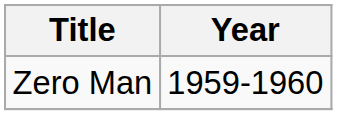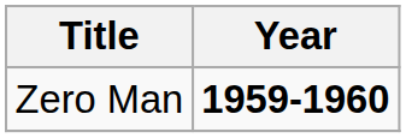 <table class="wikitable">
 <tr>
 <th>Title</th>
 <th>Year</th>
 </tr>
 <tr>
 <td>Zero Man</td>
-<td>1959-1960</td>
+<td><strong>1959-1960</strong></td>
 </tr>
 <tr>
 </tr>
 </table>
